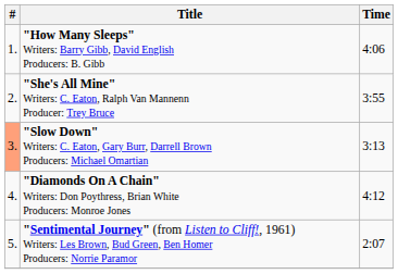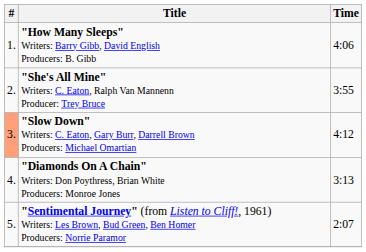 <table class="wikitable">
 <tr>
 <th>#</th>
 <th width="420">Title</th>
 <th>Time</th>
 </tr>
 <tr>
 <td>1.</td>
 <td><strong>"How Many Sleeps"</strong><br><small>Writers: <a href='#'>Barry Gibb</a>, <a href='#'>David English</a></small><br><small>Producers: B. Gibb</small></td>
 <td>4:06</td>
 </tr>
 <tr>
 <td>2.</td>
 <td><strong>"She's All Mine"</strong><br><small>Writers: <a href='#'>C. Eaton</a>, Ralph Van Mannenn</small><br><small>Producer: <a href='#'>Trey Bruce</a></small></td>
 <td>3:55</td>
 </tr>
 <tr>
 <td style="background: lightsalmon;">3.</td>
 <td><strong>"Slow Down"</strong><br><small>Writers: <a href='#'>C. Eaton</a>, <a href='#'>Gary Burr</a>, <a href='#'>Darrell Brown</a></small><br><small>Producers: <a href='#'>Michael Omartian</a></small></td>
-<td>3:13</td>
+<td>4:12</td>
 </tr>
 <tr>
 <td>4.</td>
 <td><strong>"Diamonds On A Chain"</strong><br><small>Writers: Don Poythress, Brian White</small><br><small>Producers: Monroe Jones</small></td>
-<td>4:12</td>
+<td>3:13</td>
 </tr>
 <tr>
 <td>5.</td>
 <td><strong>"<a href='#'>Sentimental Journey</a>"</strong> (from <em><a href='#'>Listen to Cliff!</a></em>, 1961)<br><small>Writers: <a href='#'>Les Brown</a>, <a href='#'>Bud Green</a>, <a href='#'>Ben Homer</a></small><br><small>Producers: <a href='#'>Norrie Paramor</a></small></td>
 <td>2:07</td>
 </tr>
 <tr>
 </tr>
 </table>
